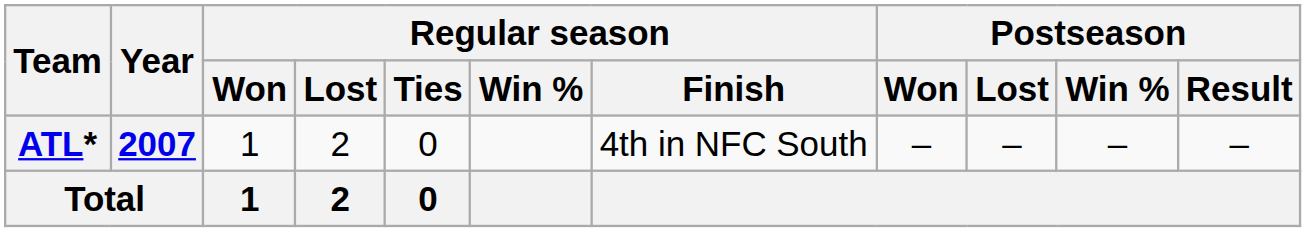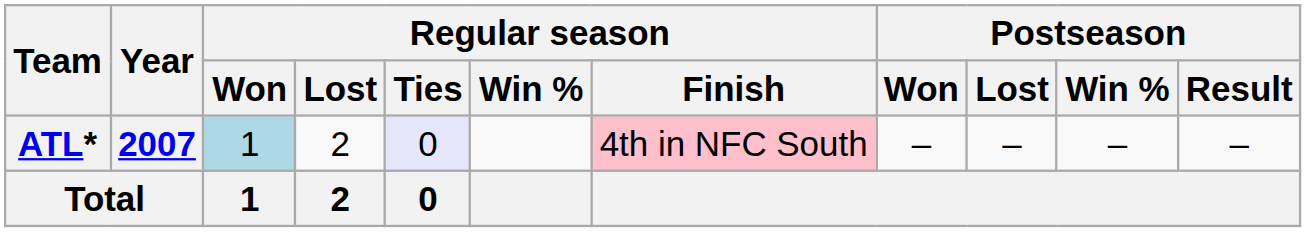 <table class="wikitable" style="font-size: 95%; text-align:center;">
 <tr>
 <th rowspan="2">Team</th>
 <th rowspan="2">Year</th>
 <th colspan="5">Regular season</th>
 <th colspan="4">Postseason</th>
 </tr>
 <tr>
 <th>Won</th>
 <th>Lost</th>
 <th>Ties</th>
 <th>Win %</th>
 <th>Finish</th>
 <th>Won</th>
 <th>Lost</th>
 <th>Win %</th>
 <th>Result</th>
 </tr>
 <tr>
 <th><a href='#'>ATL</a>*</th>
 <th><a href='#'>2007</a></th>
-<td>1</td>
+<td style="background: lightblue;">1</td>
 <td>2</td>
-<td>0</td>
+<td style="background: lavender;">0</td>
 <td></td>
-<td>4th in NFC South</td>
+<td style="background: pink;">4th in NFC South</td>
 <td>–</td>
 <td>–</td>
 <td>–</td>
 <td>–</td>
 </tr>
 <tr>
 <th colspan="2">Total</th>
 <th>1</th>
 <th>2</th>
 <th>0</th>
 <th></th>
 <th colspan="5"></th>
 </tr>
 </table>
